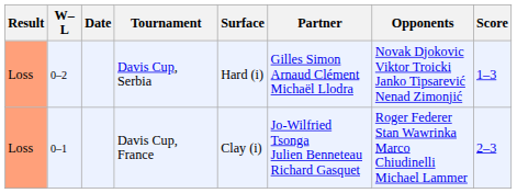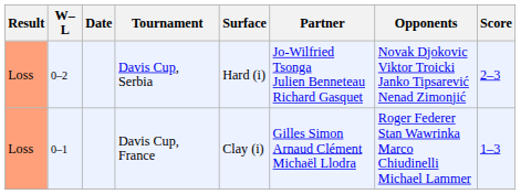 <table class="sortable wikitable">
 <tr>
 <th>Result</th>
 <th class="unsortable">W–L</th>
 <th>Date</th>
 <th>Tournament</th>
 <th>Surface</th>
 <th>Partner</th>
 <th>Opponents</th>
 <th class="unsortable">Score</th>
 </tr>
 <tr style="background:#ECF2FF">
 <td bgcolor="ffa07a">Loss</td>
 <td><small>0–2</small></td>
 <td><a href='#'></a></td>
 <td><a href='#'>Davis Cup</a>, Serbia</td>
 <td>Hard (i)</td>
-<td> <a href='#'>Gilles Simon</a><br> <a href='#'>Arnaud Clément</a><br> <a href='#'>Michaël Llodra</a></td>
+<td> <a href='#'>Jo-Wilfried Tsonga</a><br> <a href='#'>Julien Benneteau</a><br> <a href='#'>Richard Gasquet</a></td>
 <td> <a href='#'>Novak Djokovic</a><br> <a href='#'>Viktor Troicki</a><br> <a href='#'>Janko Tipsarević</a><br> <a href='#'>Nenad Zimonjić</a></td>
-<td><a href='#'>1–3</a></td>
+<td><a href='#'>2–3</a></td>
 </tr>
 <tr style="background:#ECF2FF">
 <td bgcolor="ffa07a">Loss</td>
 <td><small>0–1</small></td>
 <td><a href='#'></a></td>
 <td>Davis Cup, France</td>
 <td>Clay (i)</td>
-<td> <a href='#'>Jo-Wilfried Tsonga</a><br> <a href='#'>Julien Benneteau</a><br> <a href='#'>Richard Gasquet</a></td>
+<td> <a href='#'>Gilles Simon</a><br> <a href='#'>Arnaud Clément</a><br> <a href='#'>Michaël Llodra</a></td>
 <td> <a href='#'>Roger Federer</a><br> <a href='#'>Stan Wawrinka</a><br> <a href='#'>Marco Chiudinelli</a><br> <a href='#'>Michael Lammer</a></td>
-<td><a href='#'>2–3</a></td>
+<td><a href='#'>1–3</a></td>
 </tr>
 </table>
